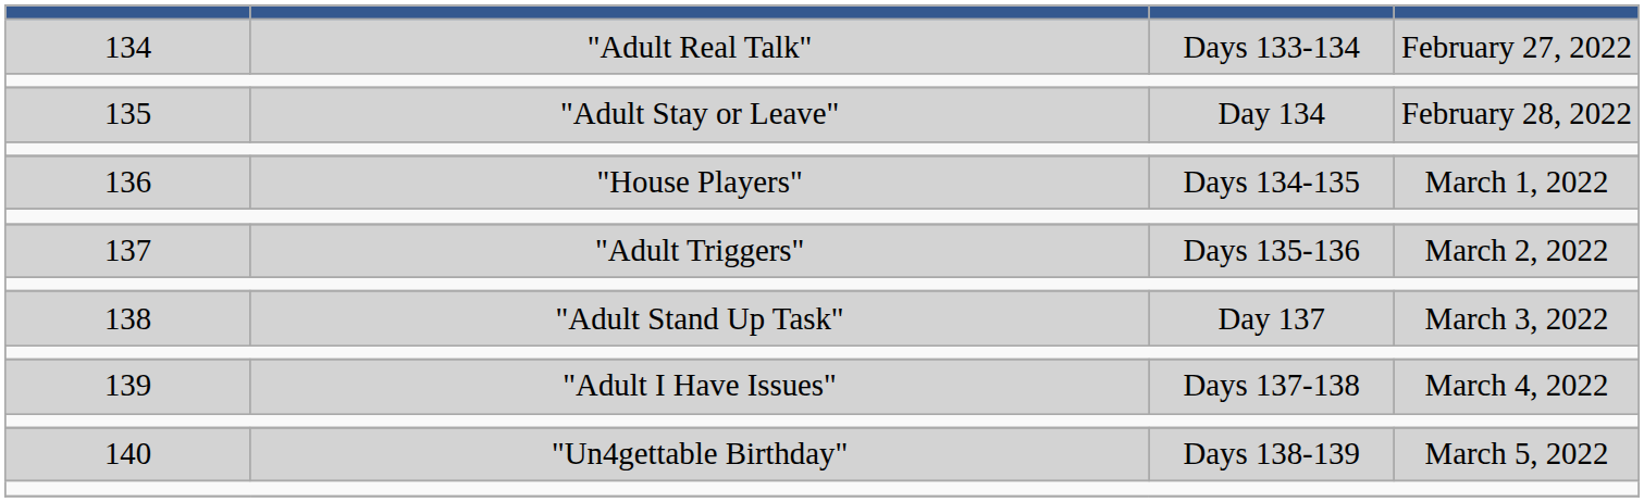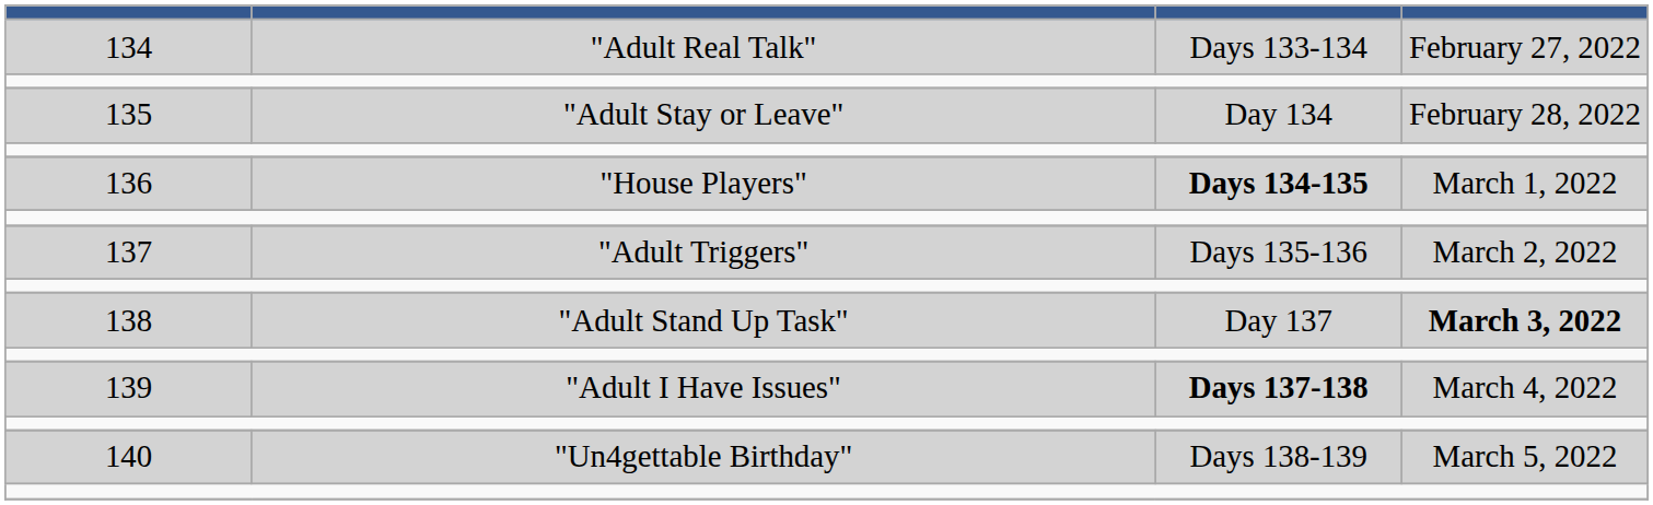 <table class="wikitable sortable" style="font-size:100%; line-height:20px; text-align:center">
 <tr>
 <th width="15%" style="background:#34588F"></th>
 <th width="55%" style="background:#34588F"></th>
 <th width="15%" style="background:#34588F"></th>
 <th width="15%" style="background:#34588F"></th>
 </tr>
 <tr style="background:lightgrey;">
 <td>134</td>
 <td>"Adult Real Talk"</td>
 <td>Days 133-134</td>
 <td>February 27, 2022</td>
 </tr>
 <tr>
 <td colspan="4" align="left"></td>
 </tr>
 <tr>
 </tr>
 <tr style="background:lightgrey;">
 <td>135</td>
 <td>"Adult Stay or Leave"</td>
 <td>Day 134</td>
 <td>February 28, 2022</td>
 </tr>
 <tr>
 <td colspan="4" align="left"></td>
 </tr>
 <tr>
 </tr>
 <tr style="background:lightgrey;">
 <td>136</td>
 <td>"House Players"</td>
-<td>Days 134-135</td>
+<td><strong>Days 134-135</strong></td>
 <td>March 1, 2022</td>
 </tr>
 <tr>
 <td colspan="4" align="left"></td>
 </tr>
 <tr>
 </tr>
 <tr style="background:lightgrey;">
 <td>137</td>
 <td>"Adult Triggers"</td>
 <td>Days 135-136</td>
 <td>March 2, 2022</td>
 </tr>
 <tr>
 <td colspan="4" align="left"></td>
 </tr>
 <tr>
 </tr>
 <tr style="background:lightgrey;">
 <td>138</td>
 <td>"Adult Stand Up Task"</td>
 <td>Day 137</td>
-<td>March 3, 2022</td>
+<td><strong>March 3, 2022</strong></td>
 </tr>
 <tr>
 <td colspan="4" align="left"></td>
 </tr>
 <tr>
 </tr>
 <tr style="background:lightgrey;">
 <td>139</td>
 <td>"Adult I Have Issues"</td>
-<td>Days 137-138</td>
+<td><strong>Days 137-138</strong></td>
 <td>March 4, 2022</td>
 </tr>
 <tr>
 <td colspan="4" align="left"></td>
 </tr>
 <tr>
 </tr>
 <tr style="background:lightgrey;">
 <td>140</td>
 <td>"Un4gettable Birthday"</td>
 <td>Days 138-139</td>
 <td>March 5, 2022</td>
 </tr>
 <tr>
 <td colspan="4" align="left"></td>
 </tr>
 <tr>
 </tr>
 </table>
